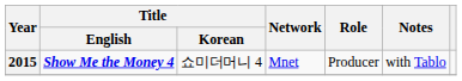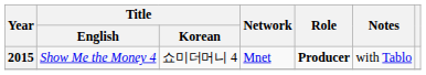 <table class="wikitable sortable plainrowheaders">
 <tr>
 <th scope="col" rowspan="2">Year</th>
 <th scope="col" colspan="2">Title</th>
 <th scope="col" rowspan="2">Network</th>
 <th scope="col" rowspan="2">Role</th>
 <th scope="col" rowspan="2">Notes</th>
 <th scope="col" rowspan="2" class="unsortable"></th>
 </tr>
 <tr>
 <th scope="col">English</th>
 <th scope="col">Korean</th>
 </tr>
 <tr>
 <th scope="row">2015</th>
-<td><strong><em><a href='#'>Show Me the Money 4</a></em></strong></td>
+<td><em><a href='#'>Show Me the Money 4</a></em></td>
 <td>쇼미더머니 4</td>
 <td><a href='#'>Mnet</a></td>
-<td>Producer</td>
+<td><strong>Producer</strong></td>
 <td>with <a href='#'>Tablo</a></td>
 <td style="text-align:center"></td>
 </tr>
 <tr>
 </tr>
 </table>
